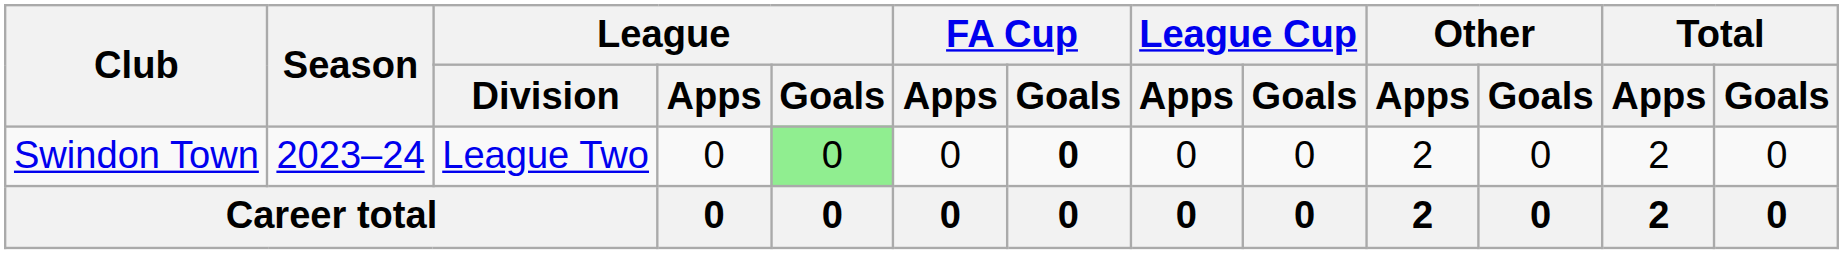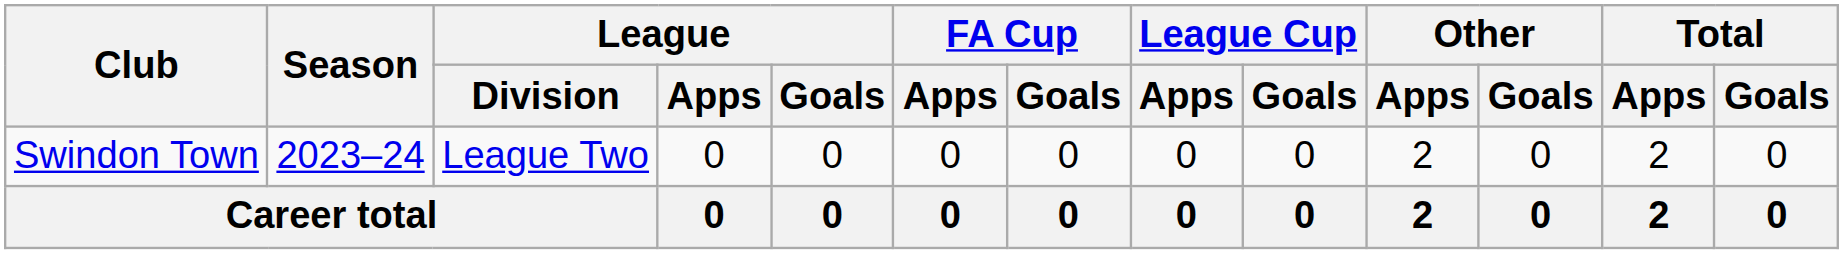 <table class="wikitable" style="text-align:center">
 <tr>
 <th rowspan="2">Club</th>
 <th rowspan="2">Season</th>
 <th colspan="3">League</th>
 <th colspan="2"><a href='#'>FA Cup</a></th>
 <th colspan="2"><a href='#'>League Cup</a></th>
 <th colspan="2">Other</th>
 <th colspan="2">Total</th>
 </tr>
 <tr>
 <th>Division</th>
 <th>Apps</th>
 <th>Goals</th>
 <th>Apps</th>
 <th>Goals</th>
 <th>Apps</th>
 <th>Goals</th>
 <th>Apps</th>
 <th>Goals</th>
 <th>Apps</th>
 <th>Goals</th>
 </tr>
 <tr>
 <td rowspan="1"><a href='#'>Swindon Town</a></td>
 <td><a href='#'>2023–24</a></td>
 <td><a href='#'>League Two</a></td>
 <td>0</td>
-<td style="background: lightgreen;">0</td>
 <td>0</td>
-<td><strong>0</strong></td>
+<td>0</td>
+<td>0</td>
 <td>0</td>
 <td>0</td>
 <td>2</td>
 <td>0</td>
 <td>2</td>
 <td>0</td>
 </tr>
 <tr>
 <th colspan=3>Career total</th>
 <th>0</th>
 <th>0</th>
 <th>0</th>
 <th>0</th>
 <th>0</th>
 <th>0</th>
 <th>2</th>
 <th>0</th>
 <th>2</th>
 <th>0</th>
 </tr>
 </table>
